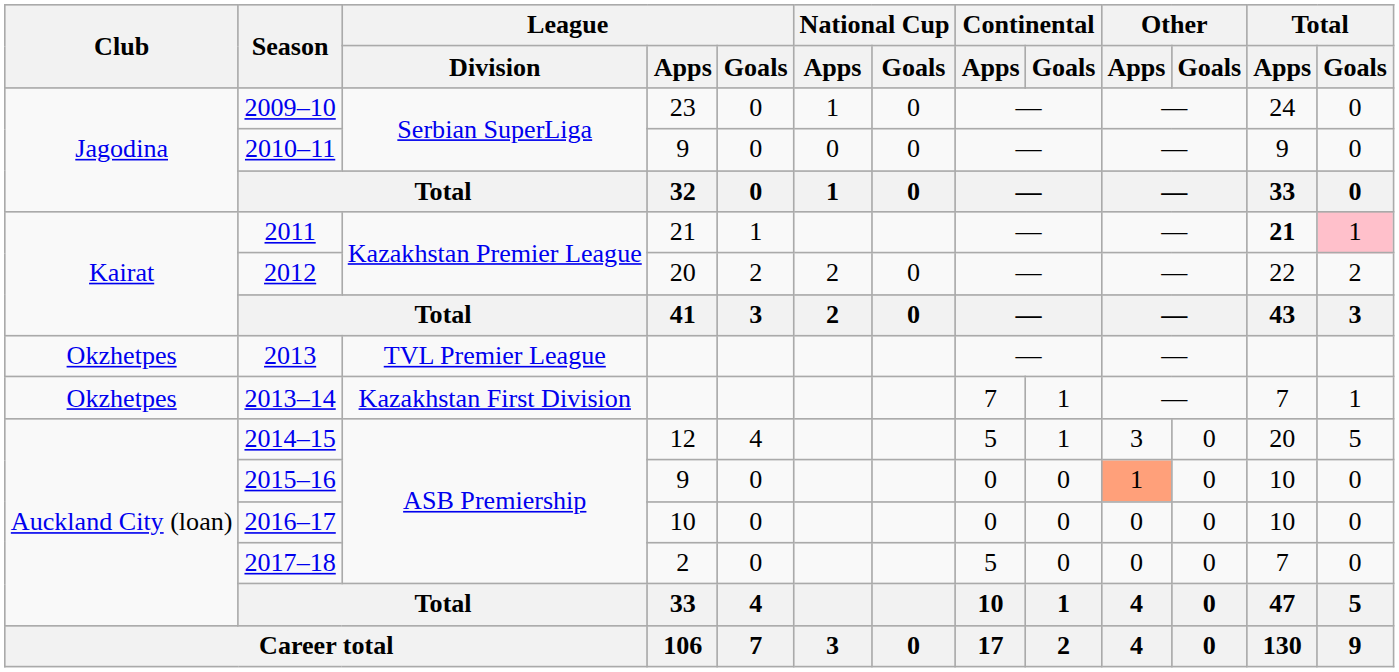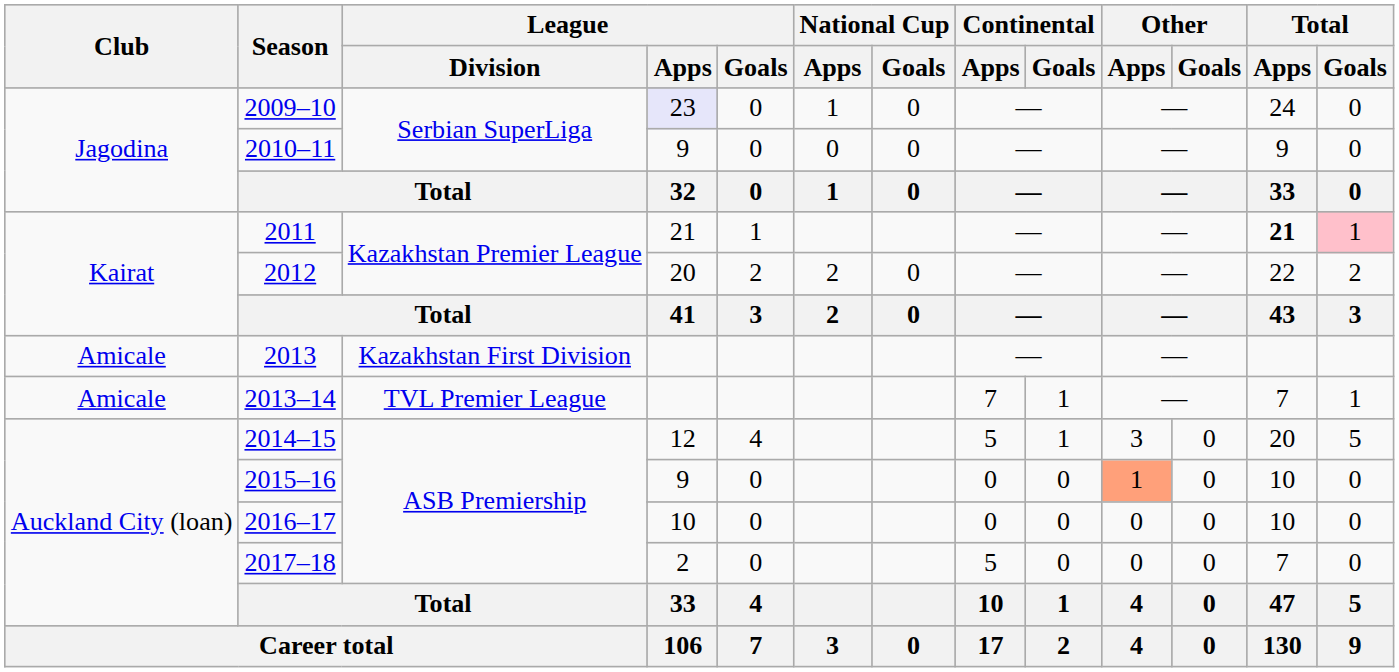 <table class="wikitable" style="text-align:center">
 <tr>
 <th rowspan="2">Club</th>
 <th rowspan="2">Season</th>
 <th colspan="3">League</th>
 <th colspan="2">National Cup</th>
 <th colspan="2">Continental</th>
 <th colspan="2">Other</th>
 <th colspan="2">Total</th>
 </tr>
 <tr>
 <th>Division</th>
 <th>Apps</th>
 <th>Goals</th>
 <th>Apps</th>
 <th>Goals</th>
 <th>Apps</th>
 <th>Goals</th>
 <th>Apps</th>
 <th>Goals</th>
 <th>Apps</th>
 <th>Goals</th>
 </tr>
 <tr>
 <td rowspan="3"><a href='#'>Jagodina</a></td>
 <td><a href='#'>2009–10</a></td>
 <td rowspan="2"><a href='#'>Serbian SuperLiga</a></td>
-<td>23</td>
+<td style="background: lavender;">23</td>
 <td>0</td>
 <td>1</td>
 <td>0</td>
 <td colspan="2">—</td>
 <td colspan="2">—</td>
 <td>24</td>
 <td>0</td>
 </tr>
 <tr>
 <td><a href='#'>2010–11</a></td>
 <td>9</td>
 <td>0</td>
 <td>0</td>
 <td>0</td>
 <td colspan="2">—</td>
 <td colspan="2">—</td>
 <td>9</td>
 <td>0</td>
 </tr>
 <tr>
 <th colspan="2">Total</th>
 <th>32</th>
 <th>0</th>
 <th>1</th>
 <th>0</th>
 <th colspan="2">—</th>
 <th colspan="2">—</th>
 <th>33</th>
 <th>0</th>
 </tr>
 <tr>
 <td rowspan="3"><a href='#'>Kairat</a></td>
 <td><a href='#'>2011</a></td>
 <td rowspan="2"><a href='#'>Kazakhstan Premier League</a></td>
 <td>21</td>
 <td>1</td>
 <td></td>
 <td></td>
 <td colspan="2">—</td>
 <td colspan="2">—</td>
 <td><strong>21</strong></td>
 <td style="background: pink;">1</td>
 </tr>
 <tr>
 <td><a href='#'>2012</a></td>
 <td>20</td>
 <td>2</td>
 <td>2</td>
 <td>0</td>
 <td colspan="2">—</td>
 <td colspan="2">—</td>
 <td>22</td>
 <td>2</td>
 </tr>
 <tr>
 <th colspan="2">Total</th>
 <th>41</th>
 <th>3</th>
 <th>2</th>
 <th>0</th>
 <th colspan="2">—</th>
 <th colspan="2">—</th>
 <th>43</th>
 <th>3</th>
 </tr>
 <tr>
-<td><a href='#'>Okzhetpes</a></td>
+<td><a href='#'>Amicale</a></td>
 <td><a href='#'>2013</a></td>
-<td><a href='#'>TVL Premier League</a></td>
+<td><a href='#'>Kazakhstan First Division</a></td>
 <td></td>
 <td></td>
 <td></td>
 <td></td>
 <td colspan="2">—</td>
 <td colspan="2">—</td>
 <td></td>
 <td></td>
 </tr>
 <tr>
-<td><a href='#'>Okzhetpes</a></td>
+<td><a href='#'>Amicale</a></td>
 <td><a href='#'>2013–14</a></td>
-<td><a href='#'>Kazakhstan First Division</a></td>
+<td><a href='#'>TVL Premier League</a></td>
 <td></td>
 <td></td>
 <td></td>
 <td></td>
 <td>7</td>
 <td>1</td>
 <td colspan="2">—</td>
 <td>7</td>
 <td>1</td>
 </tr>
 <tr>
 <td rowspan="5"><a href='#'>Auckland City</a> (loan)</td>
 <td><a href='#'>2014–15</a></td>
 <td rowspan="4"><a href='#'>ASB Premiership</a></td>
 <td>12</td>
 <td>4</td>
 <td></td>
 <td></td>
 <td>5</td>
 <td>1</td>
 <td>3</td>
 <td>0</td>
 <td>20</td>
 <td>5</td>
 </tr>
 <tr>
 <td><a href='#'>2015–16</a></td>
 <td>9</td>
 <td>0</td>
 <td></td>
 <td></td>
 <td>0</td>
 <td>0</td>
 <td style="background: lightsalmon;">1</td>
 <td>0</td>
 <td>10</td>
 <td>0</td>
 </tr>
 <tr>
 <td><a href='#'>2016–17</a></td>
 <td>10</td>
 <td>0</td>
 <td></td>
 <td></td>
 <td>0</td>
 <td>0</td>
 <td>0</td>
 <td>0</td>
 <td>10</td>
 <td>0</td>
 </tr>
 <tr>
 <td><a href='#'>2017–18</a></td>
 <td>2</td>
 <td>0</td>
 <td></td>
 <td></td>
 <td>5</td>
 <td>0</td>
 <td>0</td>
 <td>0</td>
 <td>7</td>
 <td>0</td>
 </tr>
 <tr>
 <th colspan="2">Total</th>
 <th>33</th>
 <th>4</th>
 <th></th>
 <th></th>
 <th>10</th>
 <th>1</th>
 <th>4</th>
 <th>0</th>
 <th>47</th>
 <th>5</th>
 </tr>
 <tr>
 <th colspan="3">Career total</th>
 <th>106</th>
 <th>7</th>
 <th>3</th>
 <th>0</th>
 <th>17</th>
 <th>2</th>
 <th>4</th>
 <th>0</th>
 <th>130</th>
 <th>9</th>
 </tr>
 </table>
